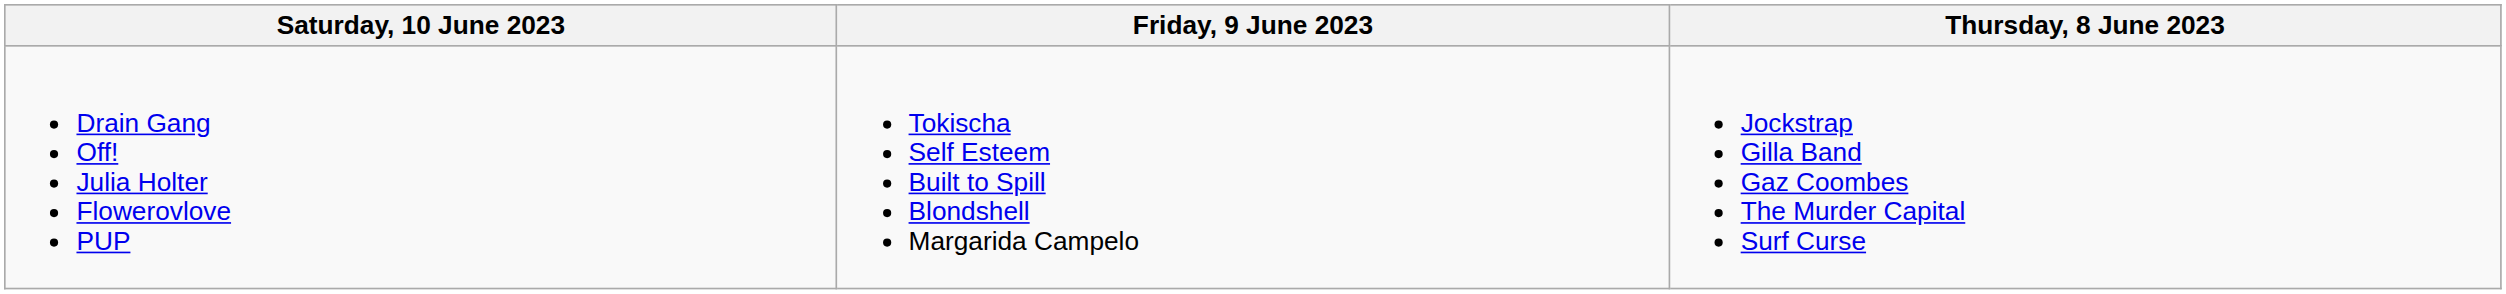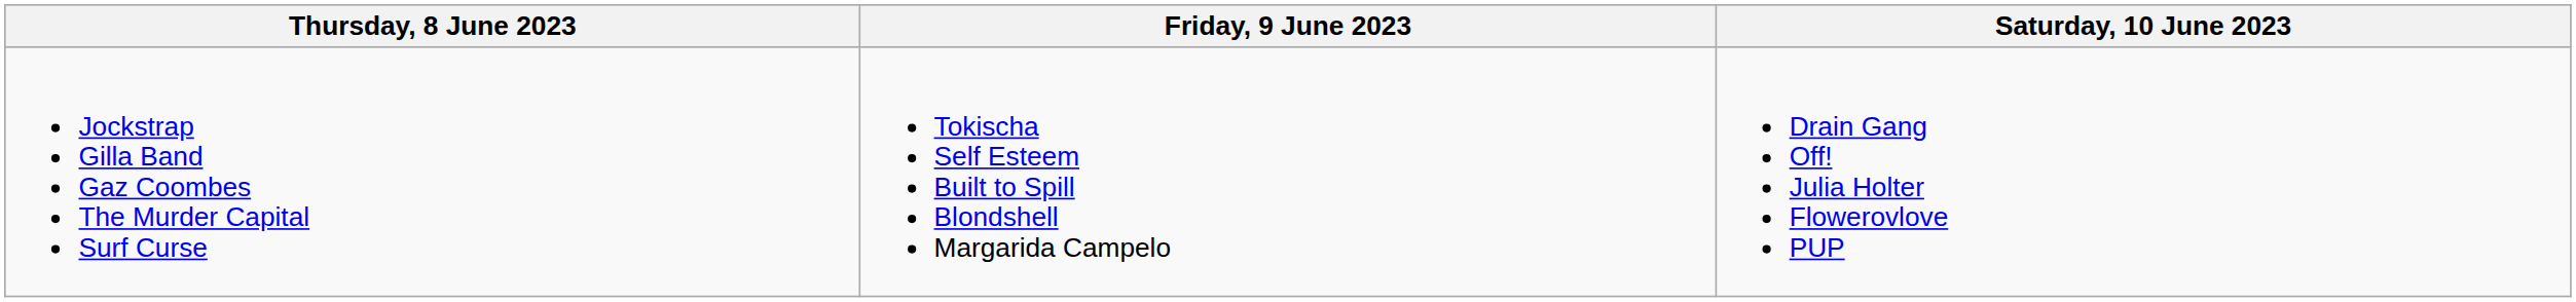 <table class="wikitable">
 <tr>
+<th width="500">Thursday, 8 June 2023</th>
+<th width="500">Friday, 9 June 2023</th>
 <th width="500">Saturday, 10 June 2023</th>
-<th width="500">Friday, 9 June 2023</th>
-<th width="500">Thursday, 8 June 2023</th>
 </tr>
 <tr valign="top">
+<td><br><ul><li><a href='#'>Jockstrap</a></li><li><a href='#'>Gilla Band</a></li><li><a href='#'>Gaz Coombes</a></li><li><a href='#'>The Murder Capital</a></li><li><a href='#'>Surf Curse</a></li></ul></td>
+<td><br><ul><li><a href='#'>Tokischa</a></li><li><a href='#'>Self Esteem</a></li><li><a href='#'>Built to Spill</a></li><li><a href='#'>Blondshell</a></li><li>Margarida Campelo</li></ul></td>
 <td><br><ul><li><a href='#'>Drain Gang</a></li><li><a href='#'>Off!</a></li><li><a href='#'>Julia Holter</a></li><li><a href='#'>Flowerovlove</a></li><li><a href='#'>PUP</a></li></ul></td>
-<td><br><ul><li><a href='#'>Tokischa</a></li><li><a href='#'>Self Esteem</a></li><li><a href='#'>Built to Spill</a></li><li><a href='#'>Blondshell</a></li><li>Margarida Campelo</li></ul></td>
-<td><br><ul><li><a href='#'>Jockstrap</a></li><li><a href='#'>Gilla Band</a></li><li><a href='#'>Gaz Coombes</a></li><li><a href='#'>The Murder Capital</a></li><li><a href='#'>Surf Curse</a></li></ul></td>
 </tr>
 </table>
